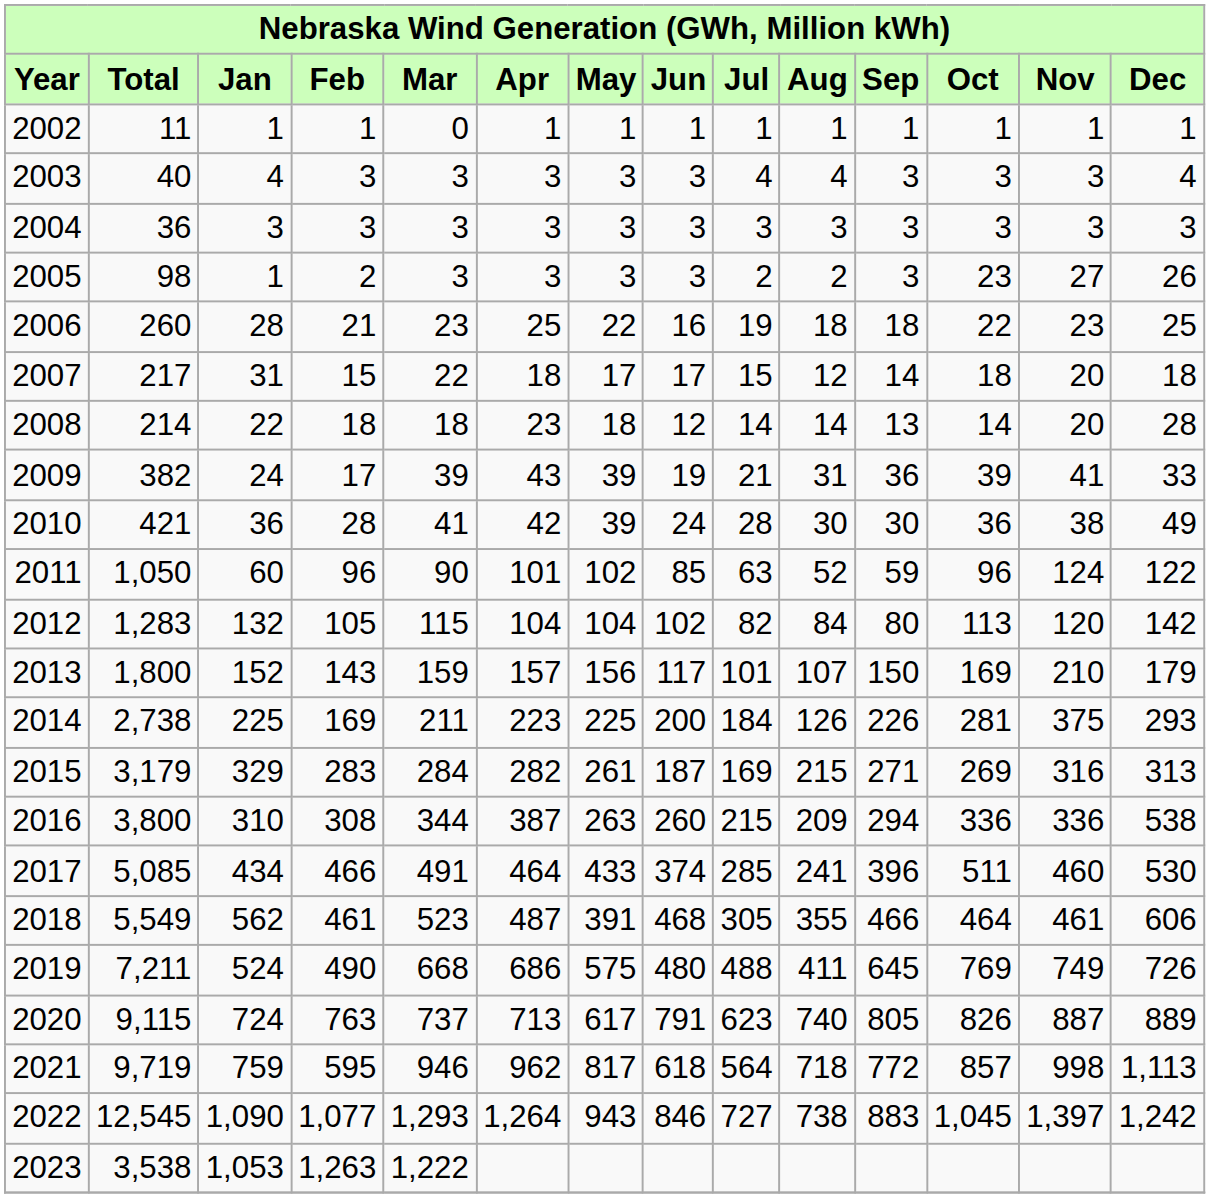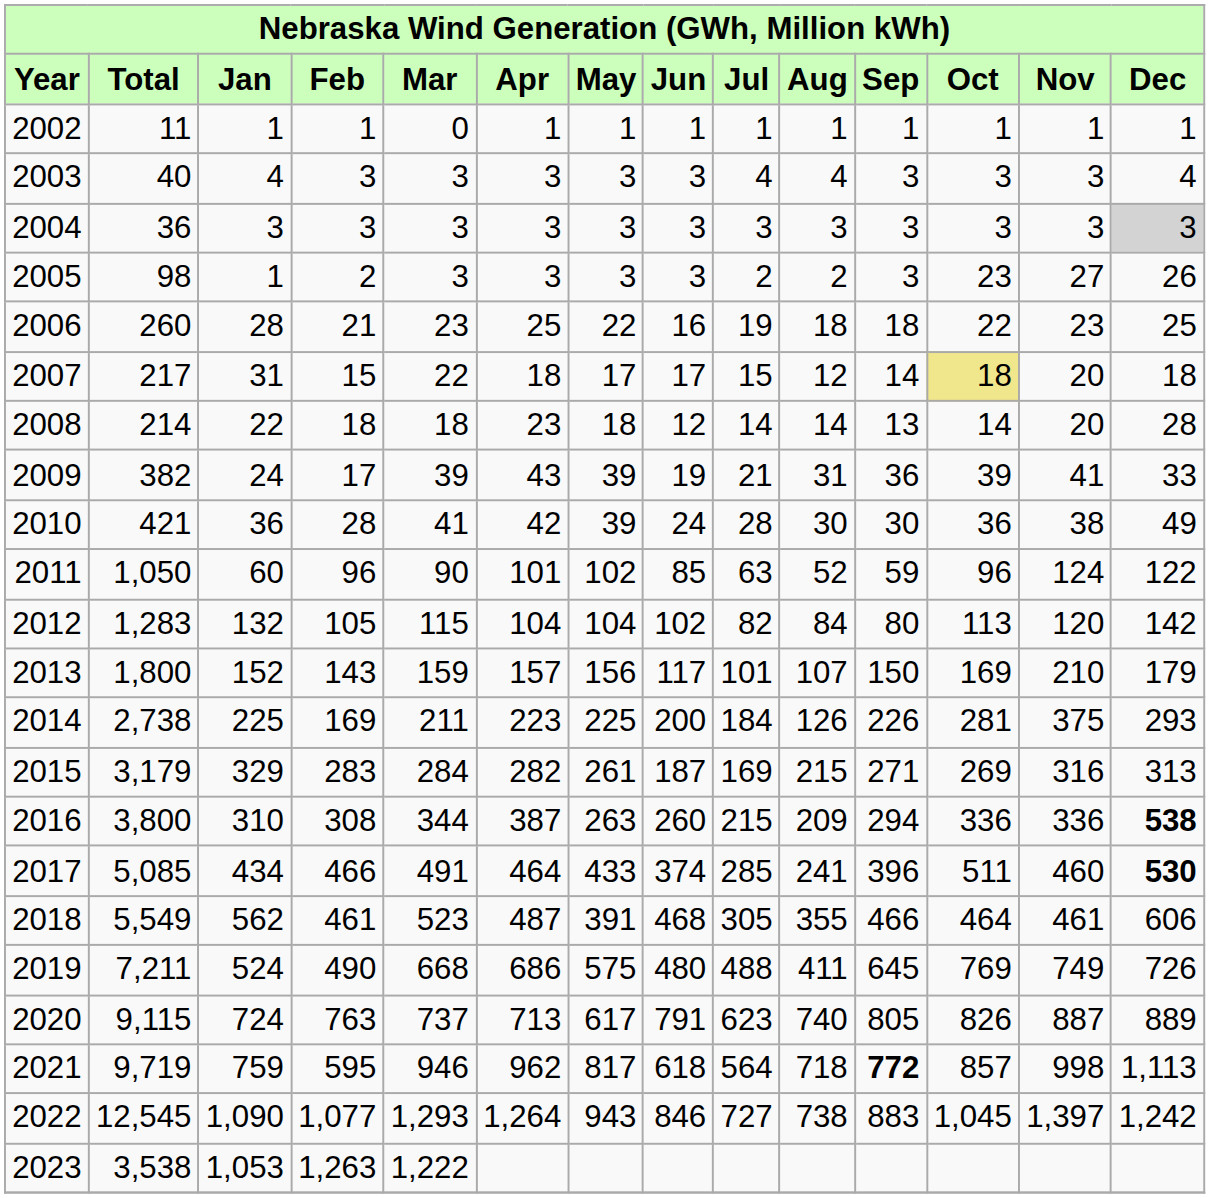 <table class="wikitable" style="text-align:right;">
 <tr>
 <th colspan="14" style="background:#cfb;">Nebraska Wind Generation (GWh, Million kWh)</th>
 </tr>
 <tr>
 <th style="background:#cfb;">Year</th>
 <th style="background:#cfb;">Total</th>
 <th style="background:#cfb;">Jan</th>
 <th style="background:#cfb;">Feb</th>
 <th style="background:#cfb;">Mar</th>
 <th style="background:#cfb;">Apr</th>
 <th style="background:#cfb;">May</th>
 <th style="background:#cfb;">Jun</th>
 <th style="background:#cfb;">Jul</th>
 <th style="background:#cfb;">Aug</th>
 <th style="background:#cfb;">Sep</th>
 <th style="background:#cfb;">Oct</th>
 <th style="background:#cfb;">Nov</th>
 <th style="background:#cfb;">Dec</th>
 </tr>
 <tr align=right>
 <td>2002</td>
 <td>11</td>
 <td>1</td>
 <td>1</td>
 <td>0</td>
 <td>1</td>
 <td>1</td>
 <td>1</td>
 <td>1</td>
 <td>1</td>
 <td>1</td>
 <td>1</td>
 <td>1</td>
 <td>1</td>
 </tr>
 <tr align=right>
 <td>2003</td>
 <td>40</td>
 <td>4</td>
 <td>3</td>
 <td>3</td>
 <td>3</td>
 <td>3</td>
 <td>3</td>
 <td>4</td>
 <td>4</td>
 <td>3</td>
 <td>3</td>
 <td>3</td>
 <td>4</td>
 </tr>
 <tr align=right>
 <td>2004</td>
 <td>36</td>
 <td>3</td>
 <td>3</td>
 <td>3</td>
 <td>3</td>
 <td>3</td>
 <td>3</td>
 <td>3</td>
 <td>3</td>
 <td>3</td>
 <td>3</td>
 <td>3</td>
-<td>3</td>
+<td style="background: lightgrey;">3</td>
 </tr>
 <tr align=right>
 <td>2005</td>
 <td>98</td>
 <td>1</td>
 <td>2</td>
 <td>3</td>
 <td>3</td>
 <td>3</td>
 <td>3</td>
 <td>2</td>
 <td>2</td>
 <td>3</td>
 <td>23</td>
 <td>27</td>
 <td>26</td>
 </tr>
 <tr align=right>
 <td>2006</td>
 <td>260</td>
 <td>28</td>
 <td>21</td>
 <td>23</td>
 <td>25</td>
 <td>22</td>
 <td>16</td>
 <td>19</td>
 <td>18</td>
 <td>18</td>
 <td>22</td>
 <td>23</td>
 <td>25</td>
 </tr>
 <tr align=right>
 <td>2007</td>
 <td>217</td>
 <td>31</td>
 <td>15</td>
 <td>22</td>
 <td>18</td>
 <td>17</td>
 <td>17</td>
 <td>15</td>
 <td>12</td>
 <td>14</td>
-<td>18</td>
+<td style="background: khaki;">18</td>
 <td>20</td>
 <td>18</td>
 </tr>
 <tr align=right>
 <td>2008</td>
 <td>214</td>
 <td>22</td>
 <td>18</td>
 <td>18</td>
 <td>23</td>
 <td>18</td>
 <td>12</td>
 <td>14</td>
 <td>14</td>
 <td>13</td>
 <td>14</td>
 <td>20</td>
 <td>28</td>
 </tr>
 <tr align=right>
 <td>2009</td>
 <td>382</td>
 <td>24</td>
 <td>17</td>
 <td>39</td>
 <td>43</td>
 <td>39</td>
 <td>19</td>
 <td>21</td>
 <td>31</td>
 <td>36</td>
 <td>39</td>
 <td>41</td>
 <td>33</td>
 </tr>
 <tr align=right>
 <td>2010</td>
 <td>421</td>
 <td>36</td>
 <td>28</td>
 <td>41</td>
 <td>42</td>
 <td>39</td>
 <td>24</td>
 <td>28</td>
 <td>30</td>
 <td>30</td>
 <td>36</td>
 <td>38</td>
 <td>49</td>
 </tr>
 <tr align=right>
 <td>2011</td>
 <td>1,050</td>
 <td>60</td>
 <td>96</td>
 <td>90</td>
 <td>101</td>
 <td>102</td>
 <td>85</td>
 <td>63</td>
 <td>52</td>
 <td>59</td>
 <td>96</td>
 <td>124</td>
 <td>122</td>
 </tr>
 <tr align=right>
 <td>2012</td>
 <td>1,283</td>
 <td>132</td>
 <td>105</td>
 <td>115</td>
 <td>104</td>
 <td>104</td>
 <td>102</td>
 <td>82</td>
 <td>84</td>
 <td>80</td>
 <td>113</td>
 <td>120</td>
 <td>142</td>
 </tr>
 <tr align=right>
 <td>2013</td>
 <td>1,800</td>
 <td>152</td>
 <td>143</td>
 <td>159</td>
 <td>157</td>
 <td>156</td>
 <td>117</td>
 <td>101</td>
 <td>107</td>
 <td>150</td>
 <td>169</td>
 <td>210</td>
 <td>179</td>
 </tr>
 <tr align=right>
 <td>2014</td>
 <td>2,738</td>
 <td>225</td>
 <td>169</td>
 <td>211</td>
 <td>223</td>
 <td>225</td>
 <td>200</td>
 <td>184</td>
 <td>126</td>
 <td>226</td>
 <td>281</td>
 <td>375</td>
 <td>293</td>
 </tr>
 <tr align=right>
 <td>2015</td>
 <td>3,179</td>
 <td>329</td>
 <td>283</td>
 <td>284</td>
 <td>282</td>
 <td>261</td>
 <td>187</td>
 <td>169</td>
 <td>215</td>
 <td>271</td>
 <td>269</td>
 <td>316</td>
 <td>313</td>
 </tr>
 <tr align=right>
 <td>2016</td>
 <td>3,800</td>
 <td>310</td>
 <td>308</td>
 <td>344</td>
 <td>387</td>
 <td>263</td>
 <td>260</td>
 <td>215</td>
 <td>209</td>
 <td>294</td>
 <td>336</td>
 <td>336</td>
-<td>538</td>
+<td><strong>538</strong></td>
 </tr>
 <tr align=right>
 <td>2017</td>
 <td>5,085</td>
 <td>434</td>
 <td>466</td>
 <td>491</td>
 <td>464</td>
 <td>433</td>
 <td>374</td>
 <td>285</td>
 <td>241</td>
 <td>396</td>
 <td>511</td>
 <td>460</td>
-<td>530</td>
+<td><strong>530</strong></td>
 </tr>
 <tr align=right>
 <td>2018</td>
 <td>5,549</td>
 <td>562</td>
 <td>461</td>
 <td>523</td>
 <td>487</td>
 <td>391</td>
 <td>468</td>
 <td>305</td>
 <td>355</td>
 <td>466</td>
 <td>464</td>
 <td>461</td>
 <td>606</td>
 </tr>
 <tr align=right>
 <td>2019</td>
 <td>7,211</td>
 <td>524</td>
 <td>490</td>
 <td>668</td>
 <td>686</td>
 <td>575</td>
 <td>480</td>
 <td>488</td>
 <td>411</td>
 <td>645</td>
 <td>769</td>
 <td>749</td>
 <td>726</td>
 </tr>
 <tr align=right>
 <td>2020</td>
 <td>9,115</td>
 <td>724</td>
 <td>763</td>
 <td>737</td>
 <td>713</td>
 <td>617</td>
 <td>791</td>
 <td>623</td>
 <td>740</td>
 <td>805</td>
 <td>826</td>
 <td>887</td>
 <td>889</td>
 </tr>
 <tr align=right>
 <td>2021</td>
 <td>9,719</td>
 <td>759</td>
 <td>595</td>
 <td>946</td>
 <td>962</td>
 <td>817</td>
 <td>618</td>
 <td>564</td>
 <td>718</td>
-<td>772</td>
+<td><strong>772</strong></td>
 <td>857</td>
 <td>998</td>
 <td>1,113</td>
 </tr>
 <tr align=right>
 <td>2022</td>
 <td>12,545</td>
 <td>1,090</td>
 <td>1,077</td>
 <td>1,293</td>
 <td>1,264</td>
 <td>943</td>
 <td>846</td>
 <td>727</td>
 <td>738</td>
 <td>883</td>
 <td>1,045</td>
 <td>1,397</td>
 <td>1,242</td>
 </tr>
 <tr align=right>
 <td>2023</td>
 <td>3,538</td>
 <td>1,053</td>
 <td>1,263</td>
 <td>1,222</td>
 <td></td>
 <td></td>
 <td></td>
 <td></td>
 <td></td>
 <td></td>
 <td></td>
 <td></td>
 <td></td>
 </tr>
 <tr align=right>
 </tr>
 </table>
